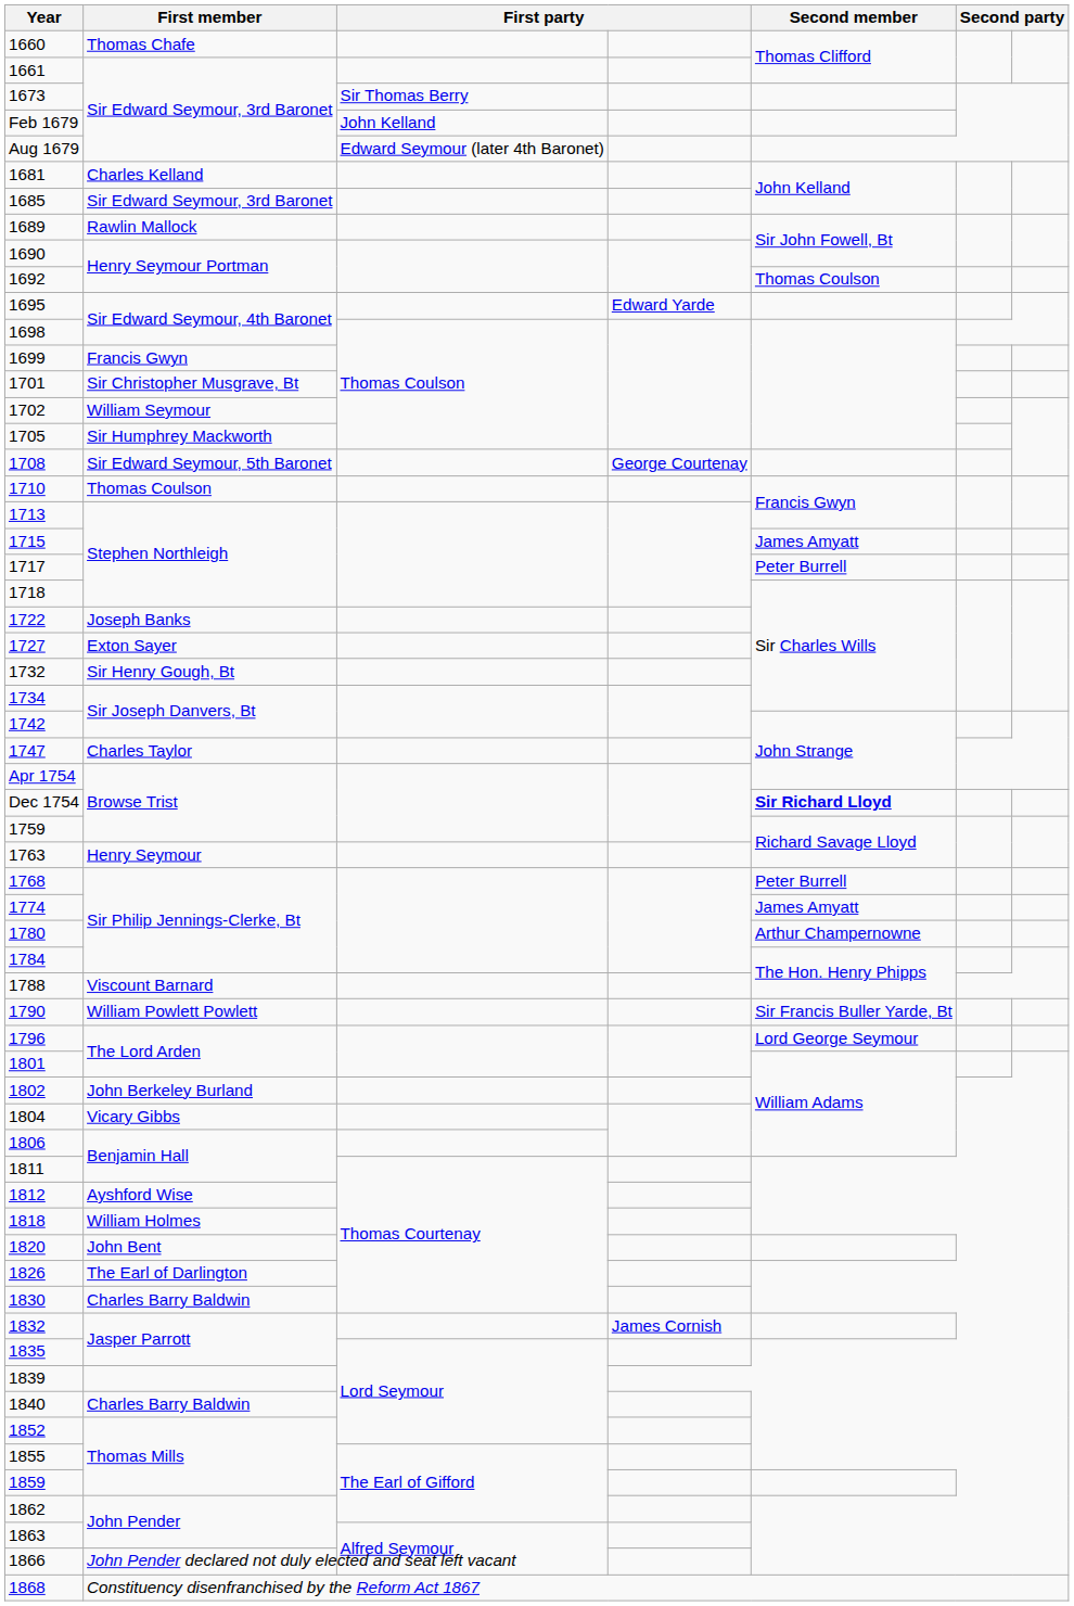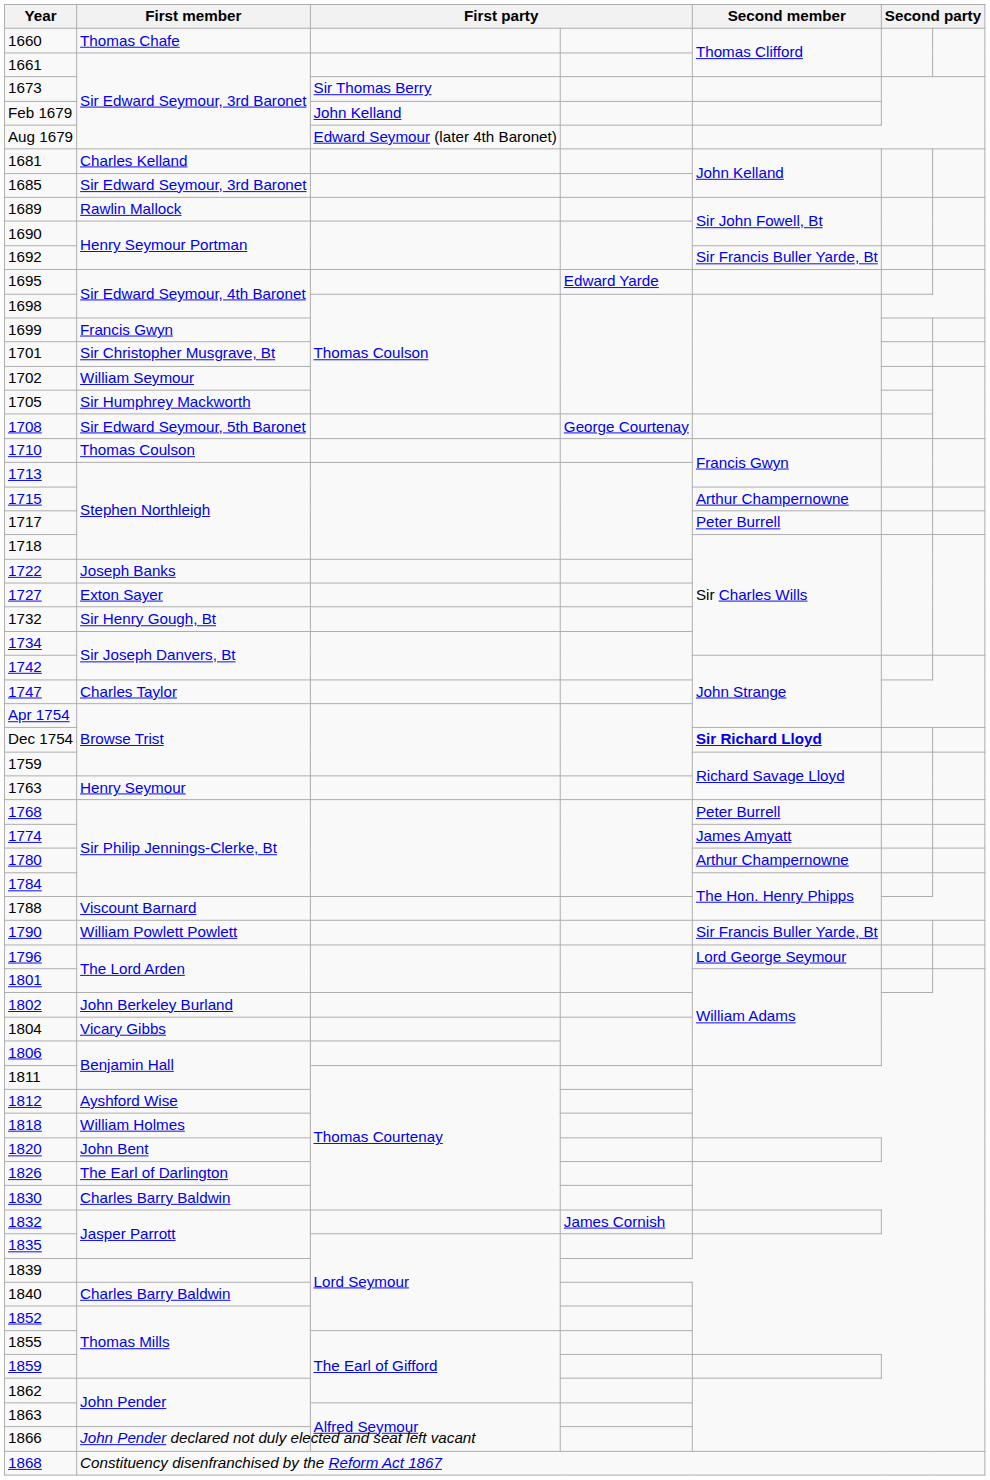 <table class="wikitable">
 <tr>
 <th scope="col">Year</th>
 <th scope="col" colspan="2">First member</th>
 <th scope="col" colspan="2">First party</th>
 <th scope="col">Second member</th>
 <th scope="col" colspan="2">Second party</th>
 </tr>
 <tr>
 <td>1660</td>
 <td colspan="2"><a href='#'>Thomas Chafe</a></td>
 <td></td>
 <td>  </td>
 <td rowspan="2"><a href='#'>Thomas Clifford</a></td>
 <td rowspan="2"></td>
 <td rowspan="2"></td>
 </tr>
 <tr>
 <td>1661</td>
 <td rowspan="4" colspan="2"><a href='#'>Sir Edward Seymour, 3rd Baronet</a></td>
 <td></td>
 </tr>
 <tr>
 <td>1673</td>
 <td><a href='#'>Sir Thomas Berry</a></td>
 <td></td>
 <td> </td>
 </tr>
 <tr>
 <td>Feb 1679</td>
 <td><a href='#'>John Kelland</a></td>
 <td></td>
 <td> </td>
 </tr>
 <tr>
 <td>Aug 1679</td>
 <td><a href='#'>Edward Seymour</a> (later 4th Baronet)</td>
 <td></td>
 </tr>
 <tr>
 <td>1681</td>
 <td colspan="2"><a href='#'>Charles Kelland</a></td>
 <td></td>
 <td> </td>
 <td rowspan="2"><a href='#'>John Kelland</a></td>
 <td rowspan="2"></td>
 <td rowspan="2"> </td>
 </tr>
 <tr>
 <td>1685</td>
 <td colspan="2"><a href='#'>Sir Edward Seymour, 3rd Baronet</a></td>
 <td></td>
 </tr>
 <tr>
 <td>1689</td>
 <td colspan="2"><a href='#'>Rawlin Mallock</a></td>
 <td></td>
 <td> </td>
 <td rowspan="2"><a href='#'>Sir John Fowell, Bt</a></td>
 <td rowspan="2"></td>
 <td rowspan="2"> </td>
 </tr>
 <tr>
 <td>1690</td>
 <td colspan="2" rowspan="2"><a href='#'>Henry Seymour Portman</a></td>
 <td rowspan="2"></td>
 <td rowspan="2"> </td>
 </tr>
 <tr>
 <td>1692</td>
-<td><a href='#'>Thomas Coulson</a></td>
+<td><a href='#'>Sir Francis Buller Yarde, Bt</a></td>
 <td></td>
 <td></td>
 </tr>
 <tr>
 <td>1695</td>
 <td colspan="2" rowspan="2"><a href='#'>Sir Edward Seymour, 4th Baronet</a></td>
 <td></td>
 <td><a href='#'>Edward Yarde</a></td>
 <td></td>
 <td> </td>
 </tr>
 <tr>
 <td>1698</td>
 <td rowspan="5"><a href='#'>Thomas Coulson</a></td>
 <td rowspan="5"></td>
 <td rowspan="5"> </td>
 </tr>
 <tr>
 <td>1699</td>
 <td colspan="2"><a href='#'>Francis Gwyn</a></td>
 <td></td>
 <td> </td>
 </tr>
 <tr>
 <td>1701</td>
 <td colspan="2"><a href='#'>Sir Christopher Musgrave, Bt</a></td>
 <td></td>
 <td> </td>
 </tr>
 <tr>
 <td>1702</td>
 <td colspan="2"><a href='#'>William Seymour</a></td>
 <td> </td>
 </tr>
 <tr>
 <td>1705</td>
 <td colspan="2"><a href='#'>Sir Humphrey Mackworth</a></td>
 <td> </td>
 </tr>
 <tr>
 <td><a href='#'>1708</a></td>
 <td colspan="2"><a href='#'>Sir Edward Seymour, 5th Baronet</a></td>
 <td></td>
 <td><a href='#'>George Courtenay</a></td>
 <td></td>
 <td> </td>
 </tr>
 <tr>
 <td><a href='#'>1710</a></td>
 <td colspan="2"><a href='#'>Thomas Coulson</a></td>
 <td></td>
 <td> </td>
 <td rowspan="2"><a href='#'>Francis Gwyn</a></td>
 <td rowspan="2"></td>
 <td rowspan="2"> </td>
 </tr>
 <tr>
 <td><a href='#'>1713</a></td>
 <td colspan="2" rowspan="4"><a href='#'>Stephen Northleigh</a></td>
 <td rowspan="4"></td>
 <td rowspan="4">  </td>
 </tr>
 <tr>
 <td><a href='#'>1715</a></td>
-<td><a href='#'>James Amyatt</a></td>
+<td><a href='#'>Arthur Champernowne</a></td>
 <td></td>
 <td> </td>
 </tr>
 <tr>
 <td>1717</td>
 <td><a href='#'>Peter Burrell</a></td>
 <td></td>
 <td> </td>
 </tr>
 <tr>
 <td>1718</td>
 <td rowspan="5">Sir <a href='#'>Charles Wills</a></td>
 <td rowspan="5"></td>
 <td rowspan="5"> </td>
 </tr>
 <tr>
 <td><a href='#'>1722</a></td>
 <td colspan="2"><a href='#'>Joseph Banks</a></td>
 <td></td>
 <td>   </td>
 </tr>
 <tr>
 <td><a href='#'>1727</a></td>
 <td colspan="2"><a href='#'>Exton Sayer</a></td>
 <td></td>
 <td>        </td>
 </tr>
 <tr>
 <td>1732</td>
 <td colspan="2"><a href='#'>Sir Henry Gough, Bt</a></td>
 <td></td>
 <td>    </td>
 </tr>
 <tr>
 <td><a href='#'>1734</a></td>
 <td colspan="2" rowspan="2"><a href='#'>Sir Joseph Danvers, Bt</a></td>
 <td rowspan="2"></td>
 <td rowspan="2"> </td>
 </tr>
 <tr>
 <td><a href='#'>1742</a></td>
 <td rowspan="3"><a href='#'>John Strange</a></td>
 <td></td>
 </tr>
 <tr>
 <td><a href='#'>1747</a></td>
 <td colspan="2"><a href='#'>Charles Taylor</a></td>
 <td></td>
 <td> </td>
 </tr>
 <tr>
 <td><a href='#'>Apr 1754</a></td>
 <td colspan="2" rowspan="3"><a href='#'>Browse Trist</a></td>
 <td rowspan="3"></td>
 <td rowspan="3">     </td>
 </tr>
 <tr>
 <td>Dec 1754</td>
 <td><strong><a href='#'>Sir Richard Lloyd</a></strong></td>
 <td></td>
 <td>       </td>
 </tr>
 <tr>
 <td>1759</td>
 <td rowspan="2"><a href='#'>Richard Savage Lloyd</a></td>
 <td rowspan="2"></td>
 <td rowspan="2"> </td>
 </tr>
 <tr>
 <td>1763</td>
 <td colspan="2"><a href='#'>Henry Seymour</a></td>
 <td></td>
 <td> </td>
 </tr>
 <tr>
 <td><a href='#'>1768</a></td>
 <td colspan="2" rowspan="4"><a href='#'>Sir Philip Jennings-Clerke, Bt</a></td>
 <td rowspan="4"></td>
 <td rowspan="4">  </td>
 <td><a href='#'>Peter Burrell</a></td>
 <td></td>
 <td> </td>
 </tr>
 <tr>
 <td><a href='#'>1774</a></td>
 <td><a href='#'>James Amyatt</a></td>
 <td></td>
 <td></td>
 </tr>
 <tr>
 <td><a href='#'>1780</a></td>
 <td><a href='#'>Arthur Champernowne</a></td>
 <td></td>
 <td>  </td>
 </tr>
 <tr>
 <td><a href='#'>1784</a></td>
 <td rowspan="2"><a href='#'>The Hon. Henry Phipps</a></td>
 <td></td>
 </tr>
 <tr>
 <td>1788</td>
 <td colspan="2"><a href='#'>Viscount Barnard</a></td>
 <td></td>
 </tr>
 <tr>
 <td><a href='#'>1790</a></td>
 <td colspan="2"><a href='#'>William Powlett Powlett</a></td>
 <td></td>
 <td>   </td>
 <td><a href='#'>Sir Francis Buller Yarde, Bt</a></td>
 <td></td>
 <td></td>
 </tr>
 <tr>
 <td><a href='#'>1796</a></td>
 <td colspan="2" rowspan="2"><a href='#'>The Lord Arden</a></td>
 <td rowspan="2"></td>
 <td rowspan="2"> </td>
 <td><a href='#'>Lord George Seymour</a></td>
 <td></td>
 <td></td>
 </tr>
 <tr>
 <td><a href='#'>1801</a></td>
 <td rowspan="4"><a href='#'>William Adams</a></td>
 <td>  </td>
 </tr>
 <tr>
 <td><a href='#'>1802</a></td>
 <td colspan="2"><a href='#'>John Berkeley Burland</a></td>
 <td></td>
 <td>  </td>
 </tr>
 <tr>
 <td>1804</td>
 <td colspan="2"><a href='#'>Vicary Gibbs</a></td>
 <td>   </td>
 </tr>
 <tr>
 <td><a href='#'>1806</a></td>
 <td colspan="2" rowspan="2"><a href='#'>Benjamin Hall</a></td>
 <td> </td>
 </tr>
 <tr>
 <td>1811</td>
 <td rowspan="6"><a href='#'>Thomas Courtenay</a></td>
 <td>  </td>
 </tr>
 <tr>
 <td><a href='#'>1812</a></td>
 <td colspan="2"><a href='#'>Ayshford Wise</a></td>
 <td>     </td>
 </tr>
 <tr>
 <td><a href='#'>1818</a></td>
 <td colspan="2"><a href='#'>William Holmes</a></td>
 <td>   </td>
 </tr>
 <tr>
 <td><a href='#'>1820</a></td>
 <td colspan="2"><a href='#'>John Bent</a></td>
 <td></td>
 <td>   </td>
 </tr>
 <tr>
 <td><a href='#'>1826</a></td>
 <td colspan="2"><a href='#'>The Earl of Darlington</a></td>
 <td></td>
 </tr>
 <tr>
 <td><a href='#'>1830</a></td>
 <td colspan="2"><a href='#'>Charles Barry Baldwin</a></td>
 <td>  </td>
 </tr>
 <tr>
 <td><a href='#'>1832</a></td>
 <td colspan="2" rowspan="2"><a href='#'>Jasper Parrott</a></td>
 <td> </td>
 <td><a href='#'>James Cornish</a></td>
 <td>   </td>
 </tr>
 <tr>
 <td><a href='#'>1835</a></td>
 <td rowspan="4"><a href='#'>Lord Seymour</a></td>
 <td>   </td>
 </tr>
 <tr>
 <td>1839<br>    </td>
 </tr>
 <tr>
 <td>1840</td>
 <td colspan="2"><a href='#'>Charles Barry Baldwin</a></td>
 <td></td>
 </tr>
 <tr>
 <td><a href='#'>1852</a></td>
 <td colspan="2" rowspan="3"><a href='#'>Thomas Mills</a></td>
 <td>  </td>
 </tr>
 <tr>
 <td>1855</td>
 <td rowspan="3"><a href='#'>The Earl of Gifford</a></td>
 <td></td>
 </tr>
 <tr>
 <td><a href='#'>1859</a></td>
 <td></td>
 <td></td>
 </tr>
 <tr>
 <td>1862</td>
 <td colspan="2" rowspan="2"><a href='#'>John Pender</a></td>
 <td></td>
 </tr>
 <tr>
 <td>1863</td>
 <td rowspan="2"><a href='#'>Alfred Seymour</a></td>
 <td>   </td>
 </tr>
 <tr>
 <td>1866</td>
 <td colspan="4"><em><a href='#'>John Pender</a> declared not duly elected and seat left vacant</em></td>
 </tr>
 <tr>
 <td><a href='#'>1868</a></td>
 <td colspan="7"><em>Constituency disenfranchised by the <a href='#'>Reform Act 1867</a></em></td>
 </tr>
 </table>
